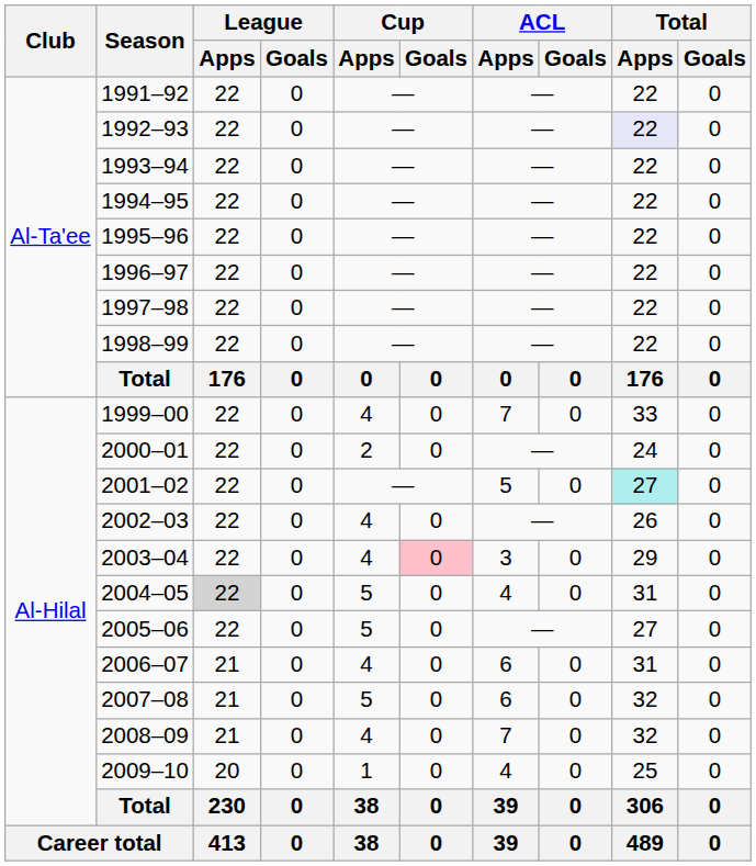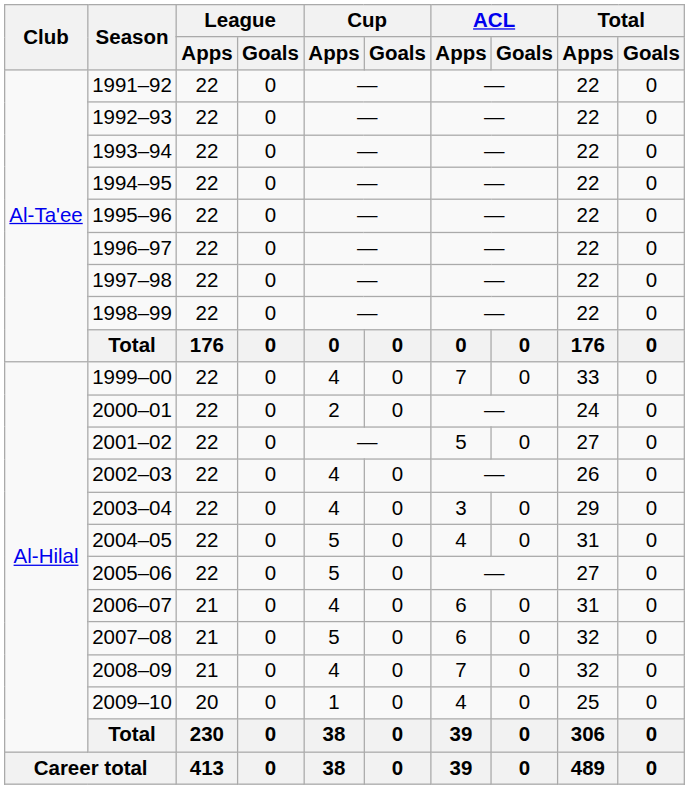 <table class="wikitable" style="text-align:center">
 <tr>
 <th rowspan="2">Club</th>
 <th rowspan="2">Season</th>
 <th colspan="2">League</th>
 <th colspan="2">Cup</th>
 <th colspan="2"><a href='#'>ACL</a></th>
 <th colspan="2">Total</th>
 </tr>
 <tr>
 <th>Apps</th>
 <th>Goals</th>
 <th>Apps</th>
 <th>Goals</th>
 <th>Apps</th>
 <th>Goals</th>
 <th>Apps</th>
 <th>Goals</th>
 </tr>
 <tr>
 <td rowspan="9"><a href='#'>Al-Ta'ee</a></td>
 <td>1991–92</td>
 <td>22</td>
 <td>0</td>
 <td colspan="2">—</td>
 <td colspan="2">—</td>
 <td>22</td>
 <td>0</td>
 </tr>
 <tr>
 <td>1992–93</td>
 <td>22</td>
 <td>0</td>
 <td colspan="2">—</td>
 <td colspan="2">—</td>
-<td style="background: lavender;">22</td>
+<td>22</td>
 <td>0</td>
 </tr>
 <tr>
 <td>1993–94</td>
 <td>22</td>
 <td>0</td>
 <td colspan="2">—</td>
 <td colspan="2">—</td>
 <td>22</td>
 <td>0</td>
 </tr>
 <tr>
 <td>1994–95</td>
 <td>22</td>
 <td>0</td>
 <td colspan="2">—</td>
 <td colspan="2">—</td>
 <td>22</td>
 <td>0</td>
 </tr>
 <tr>
 <td>1995–96</td>
 <td>22</td>
 <td>0</td>
 <td colspan="2">—</td>
 <td colspan="2">—</td>
 <td>22</td>
 <td>0</td>
 </tr>
 <tr>
 <td>1996–97</td>
 <td>22</td>
 <td>0</td>
 <td colspan="2">—</td>
 <td colspan="2">—</td>
 <td>22</td>
 <td>0</td>
 </tr>
 <tr>
 <td>1997–98</td>
 <td>22</td>
 <td>0</td>
 <td colspan="2">—</td>
 <td colspan="2">—</td>
 <td>22</td>
 <td>0</td>
 </tr>
 <tr>
 <td>1998–99</td>
 <td>22</td>
 <td>0</td>
 <td colspan="2">—</td>
 <td colspan="2">—</td>
 <td>22</td>
 <td>0</td>
 </tr>
 <tr>
 <th>Total</th>
 <th>176</th>
 <th>0</th>
 <th>0</th>
 <th>0</th>
 <th>0</th>
 <th>0</th>
 <th>176</th>
 <th>0</th>
 </tr>
 <tr>
 <td rowspan="12"><a href='#'>Al-Hilal</a></td>
 <td>1999–00</td>
 <td>22</td>
 <td>0</td>
 <td>4</td>
 <td>0</td>
 <td>7</td>
 <td>0</td>
 <td>33</td>
 <td>0</td>
 </tr>
 <tr>
 <td>2000–01</td>
 <td>22</td>
 <td>0</td>
 <td>2</td>
 <td>0</td>
 <td colspan="2">—</td>
 <td>24</td>
 <td>0</td>
 </tr>
 <tr>
 <td>2001–02</td>
 <td>22</td>
 <td>0</td>
 <td colspan="2">—</td>
 <td>5</td>
 <td>0</td>
-<td style="background: paleturquoise;">27</td>
+<td>27</td>
 <td>0</td>
 </tr>
 <tr>
 <td>2002–03</td>
 <td>22</td>
 <td>0</td>
 <td>4</td>
 <td>0</td>
 <td colspan="2">—</td>
 <td>26</td>
 <td>0</td>
 </tr>
 <tr>
 <td>2003–04</td>
 <td>22</td>
 <td>0</td>
 <td>4</td>
-<td style="background: pink;">0</td>
+<td>0</td>
 <td>3</td>
 <td>0</td>
 <td>29</td>
 <td>0</td>
 </tr>
 <tr>
 <td>2004–05</td>
-<td style="background: lightgrey;">22</td>
+<td>22</td>
 <td>0</td>
 <td>5</td>
 <td>0</td>
 <td>4</td>
 <td>0</td>
 <td>31</td>
 <td>0</td>
 </tr>
 <tr>
 <td>2005–06</td>
 <td>22</td>
 <td>0</td>
 <td>5</td>
 <td>0</td>
 <td colspan="2">—</td>
 <td>27</td>
 <td>0</td>
 </tr>
 <tr>
 <td>2006–07</td>
 <td>21</td>
 <td>0</td>
 <td>4</td>
 <td>0</td>
 <td>6</td>
 <td>0</td>
 <td>31</td>
 <td>0</td>
 </tr>
 <tr>
 <td>2007–08</td>
 <td>21</td>
 <td>0</td>
 <td>5</td>
 <td>0</td>
 <td>6</td>
 <td>0</td>
 <td>32</td>
 <td>0</td>
 </tr>
 <tr>
 <td>2008–09</td>
 <td>21</td>
 <td>0</td>
 <td>4</td>
 <td>0</td>
 <td>7</td>
 <td>0</td>
 <td>32</td>
 <td>0</td>
 </tr>
 <tr>
 <td>2009–10</td>
 <td>20</td>
 <td>0</td>
 <td>1</td>
 <td>0</td>
 <td>4</td>
 <td>0</td>
 <td>25</td>
 <td>0</td>
 </tr>
 <tr>
 <th>Total</th>
 <th>230</th>
 <th>0</th>
 <th>38</th>
 <th>0</th>
 <th>39</th>
 <th>0</th>
 <th>306</th>
 <th>0</th>
 </tr>
 <tr>
 <th colspan="2">Career total</th>
 <th>413</th>
 <th>0</th>
 <th>38</th>
 <th>0</th>
 <th>39</th>
 <th>0</th>
 <th>489</th>
 <th>0</th>
 </tr>
 </table>
